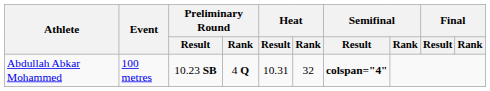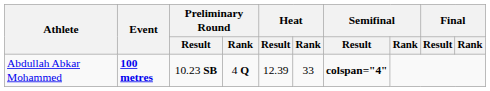 <table class="wikitable" style="font-size:90%">
 <tr>
 <th rowspan="2">Athlete</th>
 <th rowspan="2">Event</th>
 <th colspan="2">Preliminary Round</th>
 <th colspan="2">Heat</th>
 <th colspan="2">Semifinal</th>
 <th colspan="2">Final</th>
 </tr>
 <tr style="font-size:95%">
 <th>Result</th>
 <th>Rank</th>
 <th>Result</th>
 <th>Rank</th>
 <th>Result</th>
 <th>Rank</th>
 <th>Result</th>
 <th>Rank</th>
 </tr>
 <tr style=text-align:center>
 <td style=text-align:left><a href='#'>Abdullah Abkar Mohammed</a></td>
-<td style=text-align:left><a href='#'>100 metres</a></td>
+<td style=text-align:left><strong><a href='#'>100 metres</a></strong></td>
 <td>10.23 <strong>SB</strong></td>
 <td>4 <strong>Q</strong></td>
-<td>10.31</td>
-<td>32</td>
+<td>12.39</td>
+<td>33</td>
 <td><strong>colspan="4" </strong></td>
 </tr>
 </table>
